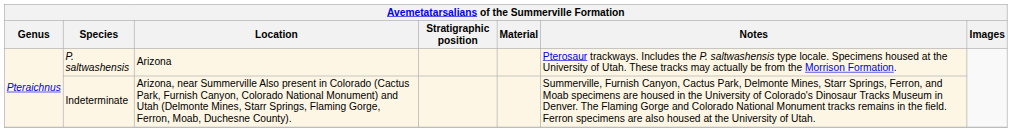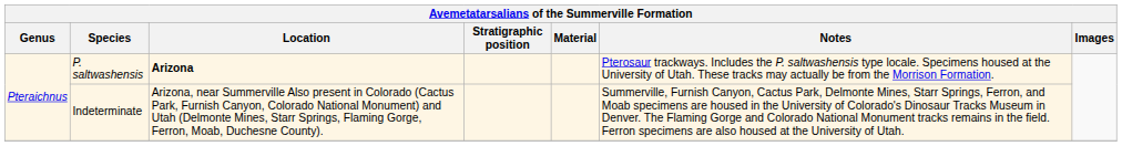 <table class="wikitable sortable">
 <tr>
 <th colspan="7" align="center"><strong><a href='#'>Avemetatarsalians</a> of the Summerville Formation</strong></th>
 </tr>
 <tr>
 <th>Genus</th>
 <th>Species</th>
 <th>Location</th>
 <th>Stratigraphic position</th>
 <th>Material</th>
 <th>Notes</th>
 <th>Images</th>
 </tr>
 <tr>
 <td style="background:#FEF6E4;" rowspan="2"><em><a href='#'>Pteraichnus</a></em></td>
 <td style="background:#FEF6E4;"><em>P. saltwashensis</em></td>
-<td style="background:#FEF6E4;">Arizona</td>
+<td style="background:#FEF6E4;"><strong>Arizona</strong></td>
 <td style="background:#FEF6E4;"></td>
 <td style="background:#FEF6E4;"></td>
 <td style="background:#FEF6E4;"><a href='#'>Pterosaur</a> trackways. Includes the <em>P. saltwashensis</em> type locale. Specimens housed at the University of Utah. These tracks may actually be from the <a href='#'>Morrison Formation</a>.</td>
 <td rowspan=2></td>
 </tr>
 <tr>
 <td style="background:#FEF6E4;">Indeterminate</td>
 <td style="background:#FEF6E4;">Arizona, near Summerville Also present in Colorado (Cactus Park, Furnish Canyon, Colorado National Monument) and Utah (Delmonte Mines, Starr Springs, Flaming Gorge, Ferron, Moab, Duchesne County).</td>
 <td style="background:#FEF6E4;"></td>
 <td style="background:#FEF6E4;"></td>
 <td style="background:#FEF6E4;">Summerville, Furnish Canyon, Cactus Park, Delmonte Mines, Starr Springs, Ferron, and Moab specimens are housed in the University of Colorado's Dinosaur Tracks Museum in Denver. The Flaming Gorge and Colorado National Monument tracks remains in the field. Ferron specimens are also housed at the University of Utah.</td>
 </tr>
 <tr>
 </tr>
 </table>
